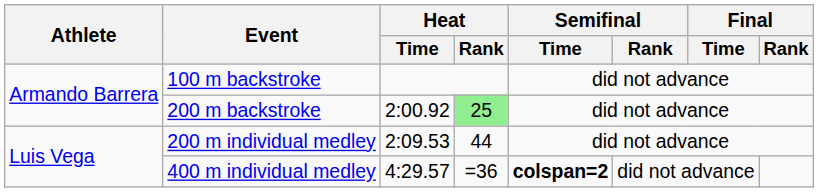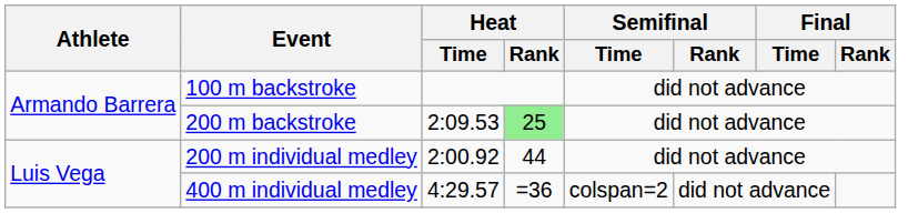 <table class=wikitable style="font-size:90%">
 <tr>
 <th rowspan="2">Athlete</th>
 <th rowspan="2">Event</th>
 <th colspan="2">Heat</th>
 <th colspan="2">Semifinal</th>
 <th colspan="2">Final</th>
 </tr>
 <tr style="font-size:95%">
 <th>Time</th>
 <th>Rank</th>
 <th>Time</th>
 <th>Rank</th>
 <th>Time</th>
 <th>Rank</th>
 </tr>
 <tr align=center>
 <td align=left rowspan=2><a href='#'>Armando Barrera</a></td>
 <td align=left><a href='#'>100 m backstroke</a></td>
 <td colspan=2></td>
 <td colspan=4>did not advance</td>
 </tr>
 <tr align=center>
 <td align=left><a href='#'>200 m backstroke</a></td>
-<td>2:00.92</td>
+<td>2:09.53</td>
 <td style="background: lightgreen;">25</td>
 <td colspan=4>did not advance</td>
 </tr>
 <tr align=center>
 <td align=left rowspan=2><a href='#'>Luis Vega</a></td>
 <td align=left><a href='#'>200 m individual medley</a></td>
-<td>2:09.53</td>
+<td>2:00.92</td>
 <td>44</td>
 <td colspan=4>did not advance</td>
 </tr>
 <tr align=center>
 <td align=left><a href='#'>400 m individual medley</a></td>
 <td>4:29.57</td>
 <td>=36</td>
-<td><strong>colspan=2 </strong></td>
+<td>colspan=2 </td>
 <td colspan=2>did not advance</td>
 </tr>
 </table>
